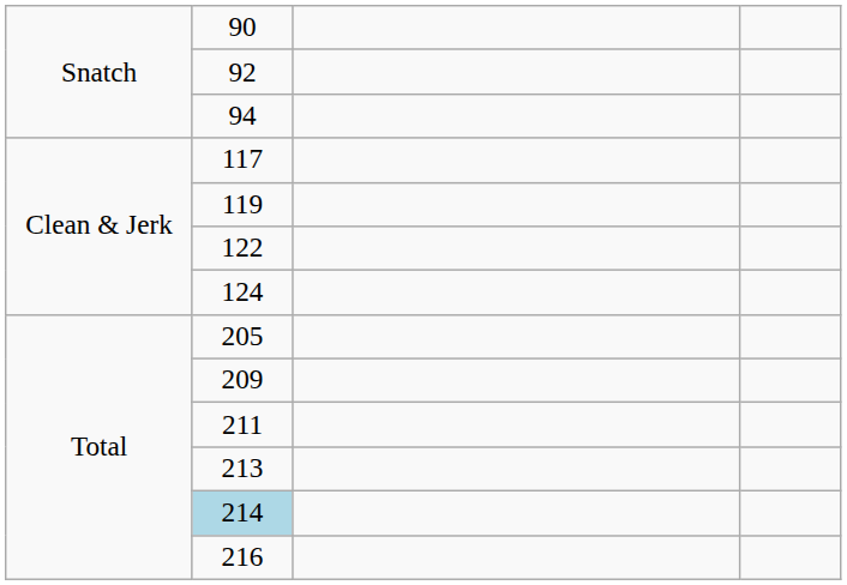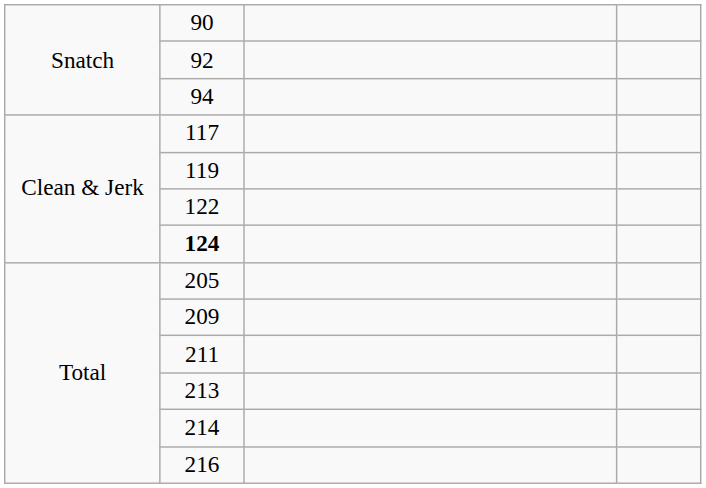 <table class = "wikitable" style="text-align:center;">
 <tr>
 <td rowspan=3 width=100>Snatch</td>
 <td width=50>90</td>
 <td width=250 align=left></td>
 <td width=50></td>
 </tr>
 <tr>
 <td>92</td>
 <td align=left></td>
 <td></td>
 </tr>
 <tr>
 <td>94</td>
 <td align=left></td>
 <td></td>
 </tr>
 <tr>
 <td rowspan=4>Clean & Jerk</td>
 <td>117</td>
 <td align=left></td>
 <td></td>
 </tr>
 <tr>
 <td>119</td>
 <td align=left></td>
 <td></td>
 </tr>
 <tr>
 <td>122</td>
 <td align=left></td>
 <td></td>
 </tr>
 <tr>
-<td>124</td>
+<td><strong>124</strong></td>
 <td align=left></td>
 <td></td>
 </tr>
 <tr>
 <td rowspan=6>Total</td>
 <td>205</td>
 <td align=left></td>
 <td></td>
 </tr>
 <tr>
 <td>209</td>
 <td align=left></td>
 <td></td>
 </tr>
 <tr>
 <td>211</td>
 <td align=left></td>
 <td></td>
 </tr>
 <tr>
 <td>213</td>
 <td align=left></td>
 <td></td>
 </tr>
 <tr>
-<td style="background: lightblue;">214</td>
+<td>214</td>
 <td align=left></td>
 <td></td>
 </tr>
 <tr>
 <td>216</td>
 <td align=left></td>
 <td></td>
 </tr>
 </table>
